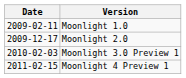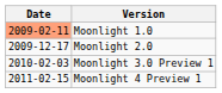 <table class="wikitable" style="float:right;margin-left:1em">
 <tr>
 <th>Date</th>
 <th>Version</th>
 </tr>
 <tr>
-<td>2009-02-11</td>
+<td style="background: lightsalmon;">2009-02-11</td>
 <td>Moonlight 1.0</td>
 </tr>
 <tr>
 <td>2009-12-17</td>
 <td>Moonlight 2.0</td>
 </tr>
 <tr>
 <td>2010-02-03</td>
 <td>Moonlight 3.0 Preview 1</td>
 </tr>
 <tr>
 <td>2011-02-15</td>
 <td>Moonlight 4 Preview 1</td>
 </tr>
 </table>
